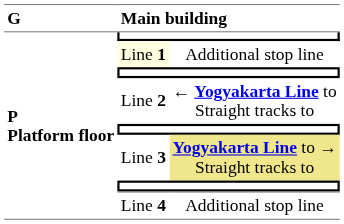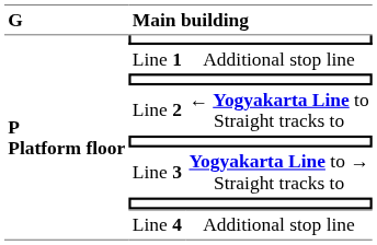 <table cellspacing="0" cellpadding="3">
 <tr>
 <td style="border-top:solid 1px gray;border-bottom:solid 1px gray;"><strong>G</strong></td>
 <td colspan="2" style="border-top:solid 1px gray;border-bottom:solid 1px gray;"><strong>Main building</strong></td>
 </tr>
 <tr>
 <td rowspan="8" style="border-bottom:solid 1px gray;"><strong>P</strong><br><strong>Platform floor</strong></td>
 <td colspan="2" style="border-bottom:solid 2px black;border-left:solid 2px black;border-right:solid 2px black;text-align:center"></td>
 </tr>
 <tr>
-<td style="background: lightyellow;">Line <strong>1</strong></td>
+<td>Line <strong>1</strong></td>
 <td style="text-align:center">Additional stop line</td>
 </tr>
 <tr>
 <td colspan="2" style="border-top:solid 2px black;border-bottom:solid 2px black;border-left:solid 2px black;border-right:solid 2px black;text-align:center"></td>
 </tr>
 <tr>
 <td>Line <strong>2</strong></td>
 <td style="text-align:center">←   <strong><a href='#'>Yogyakarta Line</a></strong> to <br>Straight tracks to </td>
 </tr>
 <tr>
 <td colspan="2" style="border-top:solid 2px black;border-bottom:solid 2px black;border-left:solid 2px black;border-right:solid 2px black;text-align:center"></td>
 </tr>
 <tr>
 <td>Line <strong>3</strong></td>
-<td style="background: khaki; text-align:center"> <strong><a href='#'>Yogyakarta Line</a></strong> to   →<br>Straight tracks to </td>
+<td style="text-align:center"> <strong><a href='#'>Yogyakarta Line</a></strong> to   →<br>Straight tracks to </td>
 </tr>
 <tr>
 <td colspan="2" style="border-top:solid 2px black;border-bottom:solid 2px black;border-left:solid 2px black;border-right:solid 2px black;text-align:center"></td>
 </tr>
 <tr>
 <td style="border-bottom:solid 1px gray;border-top:solid 1px gray;">Line <strong>4</strong></td>
 <td style="border-bottom:solid 1px gray;border-top:solid 1px gray;text-align:center">Additional stop line</td>
 </tr>
 <tr>
 </tr>
 </table>
